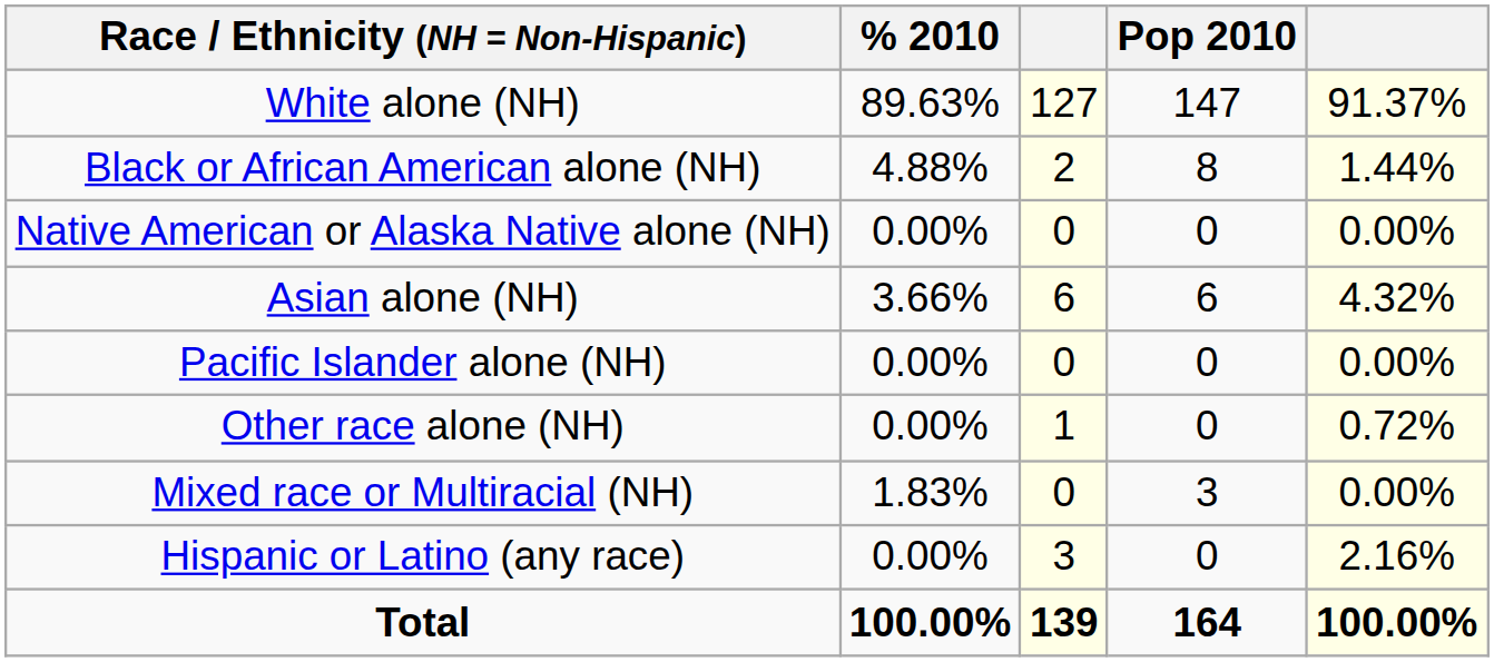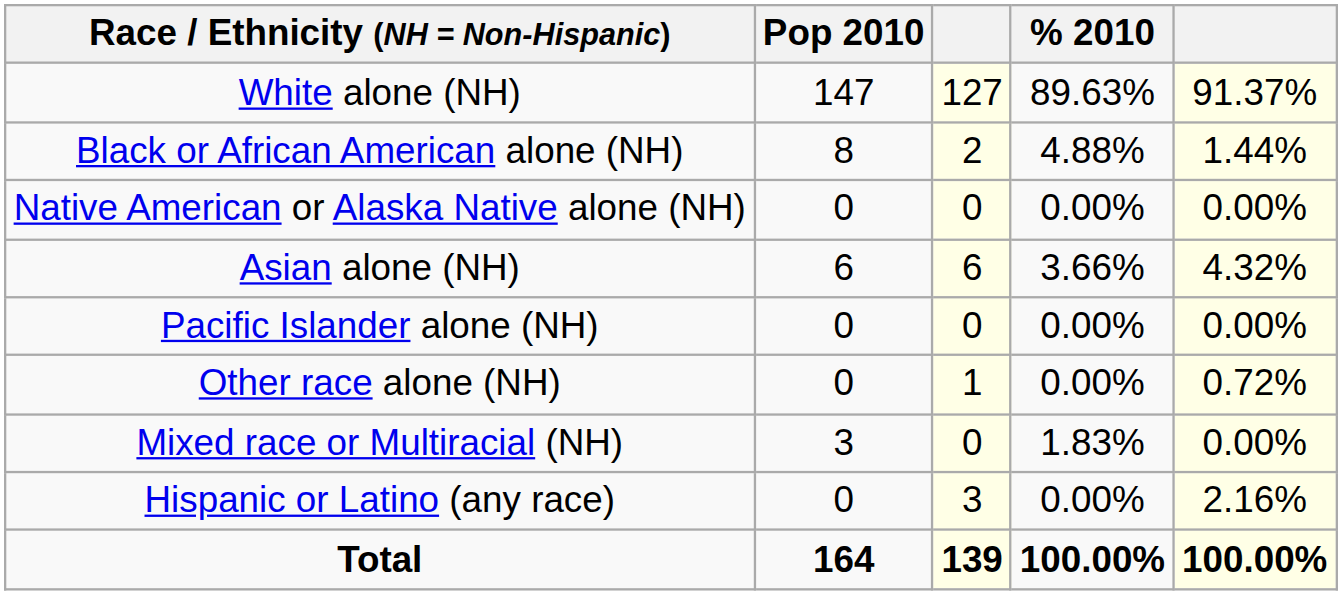 <table class="wikitable" style="text-align:center;">
 <tr>
 <th>Race / Ethnicity <small>(<em>NH = Non-Hispanic</em>)</small></th>
+<th>Pop 2010</th>
+<th></th>
 <th>% 2010</th>
-<th></th>
-<th>Pop 2010</th>
 <th></th>
 </tr>
 <tr>
 <td><a href='#'>White</a> alone (NH)</td>
+<td>147</td>
+<td style='background: #ffffe6;'>127</td>
 <td>89.63%</td>
-<td style='background: #ffffe6;'>127</td>
-<td>147</td>
 <td style='background: #ffffe6;'>91.37%</td>
 </tr>
 <tr>
 <td><a href='#'>Black or African American</a> alone (NH)</td>
+<td>8</td>
+<td style='background: #ffffe6;'>2</td>
 <td>4.88%</td>
-<td style='background: #ffffe6;'>2</td>
-<td>8</td>
 <td style='background: #ffffe6;'>1.44%</td>
 </tr>
 <tr>
 <td><a href='#'>Native American</a> or <a href='#'>Alaska Native</a> alone (NH)</td>
+<td>0</td>
+<td style='background: #ffffe6;'>0</td>
 <td>0.00%</td>
-<td style='background: #ffffe6;'>0</td>
-<td>0</td>
 <td style='background: #ffffe6;'>0.00%</td>
 </tr>
 <tr>
 <td><a href='#'>Asian</a> alone (NH)</td>
+<td>6</td>
+<td style='background: #ffffe6;'>6</td>
 <td>3.66%</td>
-<td style='background: #ffffe6;'>6</td>
-<td>6</td>
 <td style='background: #ffffe6;'>4.32%</td>
 </tr>
 <tr>
 <td><a href='#'>Pacific Islander</a> alone (NH)</td>
+<td>0</td>
+<td style='background: #ffffe6;'>0</td>
 <td>0.00%</td>
-<td style='background: #ffffe6;'>0</td>
-<td>0</td>
 <td style='background: #ffffe6;'>0.00%</td>
 </tr>
 <tr>
 <td><a href='#'>Other race</a> alone (NH)</td>
+<td>0</td>
+<td style='background: #ffffe6;'>1</td>
 <td>0.00%</td>
-<td style='background: #ffffe6;'>1</td>
-<td>0</td>
 <td style='background: #ffffe6;'>0.72%</td>
 </tr>
 <tr>
 <td><a href='#'>Mixed race or Multiracial</a> (NH)</td>
+<td>3</td>
+<td style='background: #ffffe6;'>0</td>
 <td>1.83%</td>
-<td style='background: #ffffe6;'>0</td>
-<td>3</td>
 <td style='background: #ffffe6;'>0.00%</td>
 </tr>
 <tr>
 <td><a href='#'>Hispanic or Latino</a> (any race)</td>
+<td>0</td>
+<td style='background: #ffffe6;'>3</td>
 <td>0.00%</td>
-<td style='background: #ffffe6;'>3</td>
-<td>0</td>
 <td style='background: #ffffe6;'>2.16%</td>
 </tr>
 <tr>
 <td><strong>Total</strong></td>
+<td><strong>164</strong></td>
+<td style='background: #ffffe6;'><strong>139</strong></td>
 <td><strong>100.00%</strong></td>
-<td style='background: #ffffe6;'><strong>139</strong></td>
-<td><strong>164</strong></td>
 <td style='background: #ffffe6;'><strong>100.00%</strong></td>
 </tr>
 </table>
